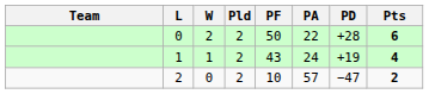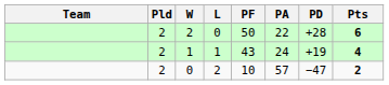 <table class="wikitable" style="text-align:center;">
 <tr>
 <th width="155">Team</th>
+<th width="25">Pld</th>
+<th width="25">W</th>
 <th width="25">L</th>
-<th width="25">W</th>
-<th width="25">Pld</th>
 <th width="32">PF</th>
 <th width="32">PA</th>
 <th width="32">PD</th>
 <th width="50">Pts</th>
 </tr>
 <tr style="background:#ccffcc">
 <td align="left"></td>
-<td>0</td>
 <td>2</td>
 <td>2</td>
+<td>0</td>
 <td>50</td>
 <td>22</td>
 <td>+28</td>
 <td><strong>6</strong></td>
 </tr>
 <tr style="background:#ccffcc">
 <td align="left"></td>
+<td>2</td>
 <td>1</td>
 <td>1</td>
-<td>2</td>
 <td>43</td>
 <td>24</td>
 <td>+19</td>
 <td><strong>4</strong></td>
 </tr>
 <tr>
 <td align="left"></td>
 <td>2</td>
 <td>0</td>
 <td>2</td>
 <td>10</td>
 <td>57</td>
 <td>−47</td>
 <td><strong>2</strong></td>
 </tr>
 </table>
